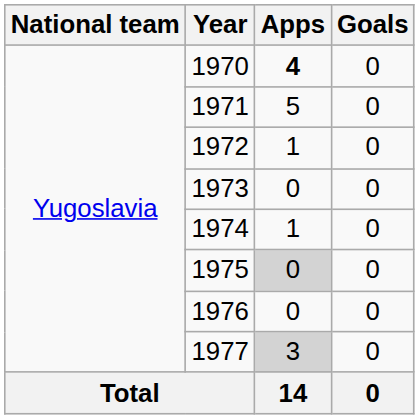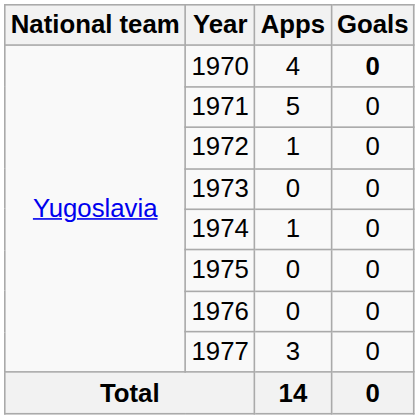 <table class="wikitable" style="text-align:center">
 <tr>
 <th>National team</th>
 <th>Year</th>
 <th>Apps</th>
 <th>Goals</th>
 </tr>
 <tr>
 <td rowspan="8"><a href='#'>Yugoslavia</a></td>
 <td>1970</td>
-<td><strong>4</strong></td>
-<td>0</td>
+<td>4</td>
+<td><strong>0</strong></td>
 </tr>
 <tr>
 <td>1971</td>
 <td>5</td>
 <td>0</td>
 </tr>
 <tr>
 <td>1972</td>
 <td>1</td>
 <td>0</td>
 </tr>
 <tr>
 <td>1973</td>
 <td>0</td>
 <td>0</td>
 </tr>
 <tr>
 <td>1974</td>
 <td>1</td>
 <td>0</td>
 </tr>
 <tr>
 <td>1975</td>
-<td style="background: lightgrey;">0</td>
+<td>0</td>
 <td>0</td>
 </tr>
 <tr>
 <td>1976</td>
 <td>0</td>
 <td>0</td>
 </tr>
 <tr>
 <td>1977</td>
-<td style="background: lightgrey;">3</td>
+<td>3</td>
 <td>0</td>
 </tr>
 <tr>
 <th colspan="2">Total</th>
 <th>14</th>
 <th>0</th>
 </tr>
 </table>
